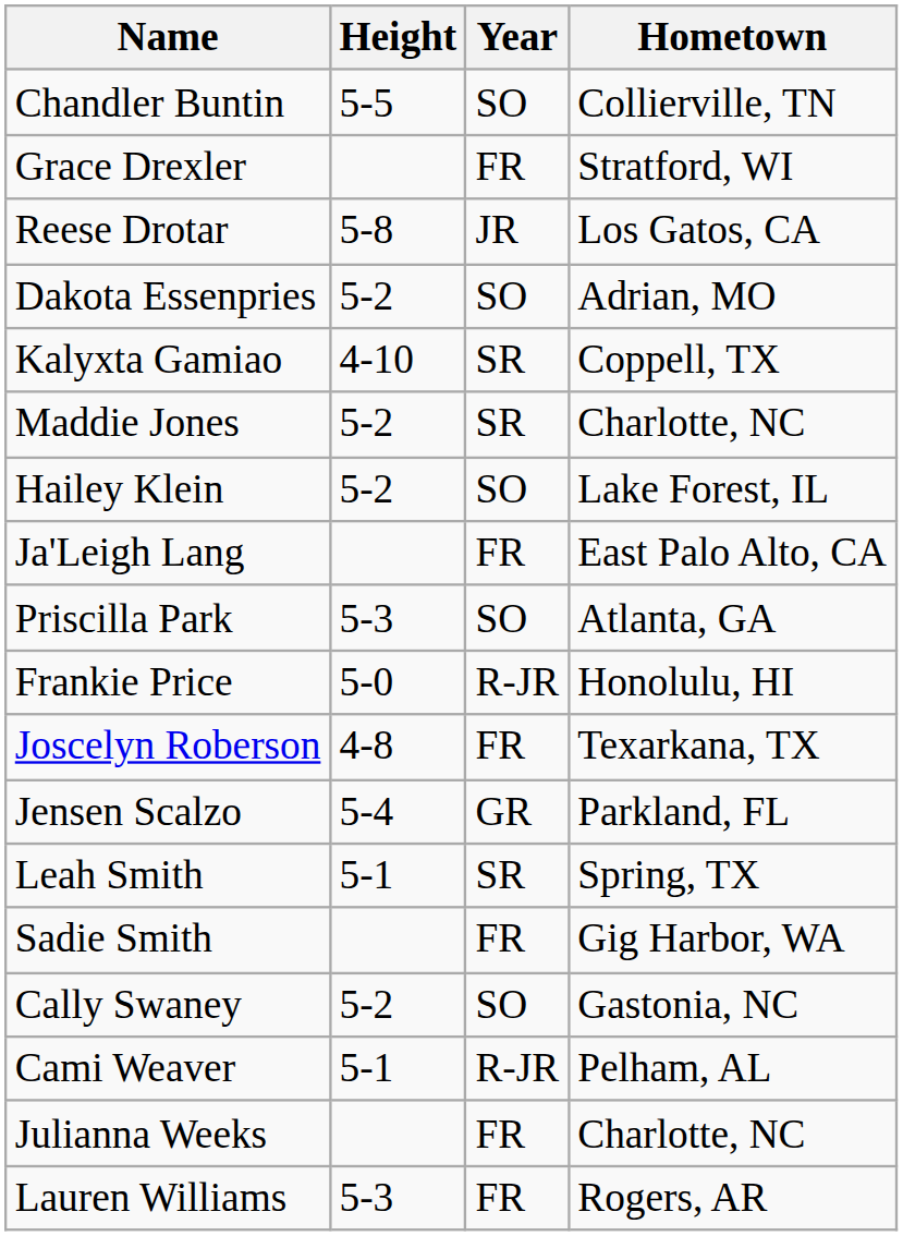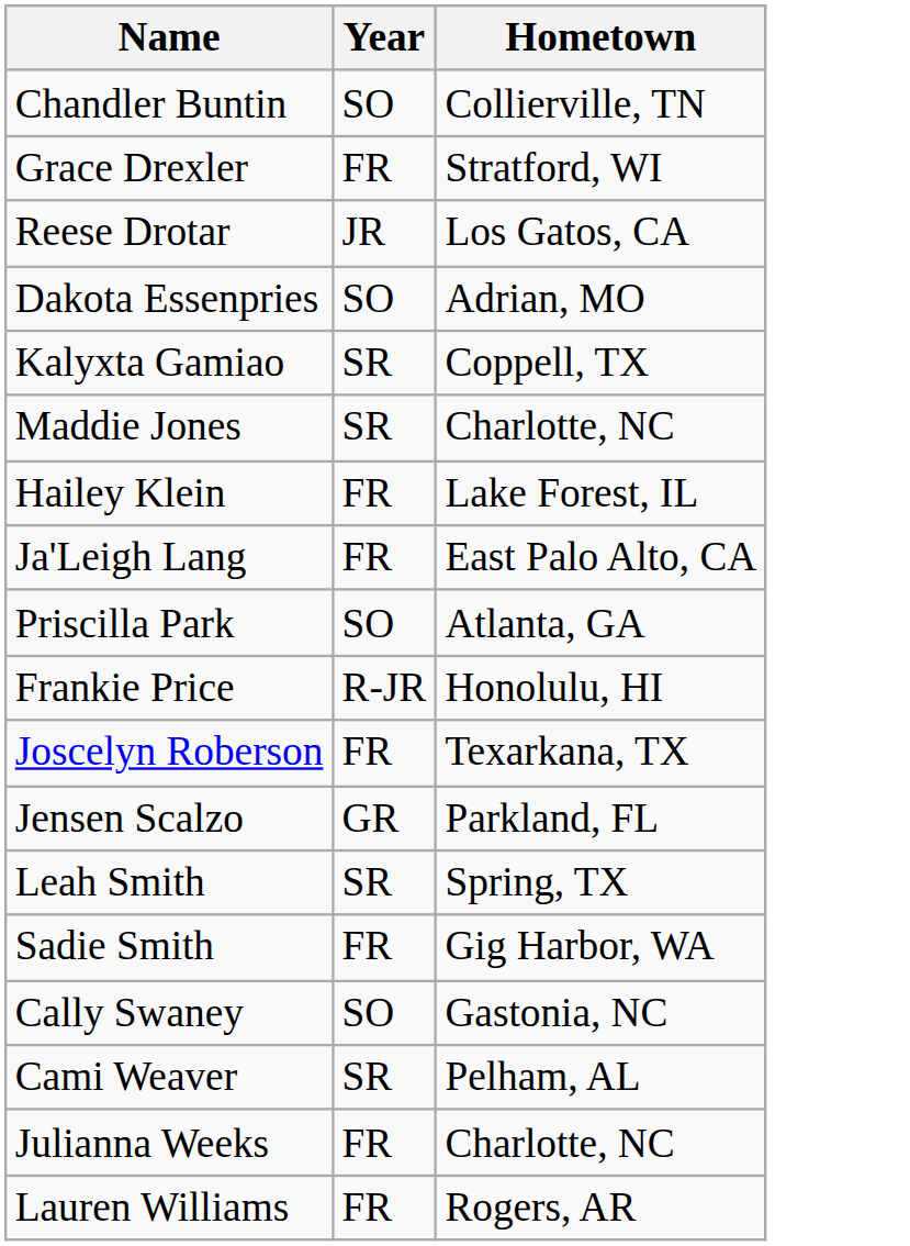 <table class="wikitable">
 <tr>
 <th>Name</th>
-<th>Height</th>
 <th>Year</th>
 <th>Hometown</th>
 </tr>
 <tr>
 <td>Chandler Buntin</td>
-<td>5-5</td>
 <td>SO</td>
 <td>Collierville, TN</td>
 </tr>
 <tr>
 <td>Grace Drexler</td>
-<td></td>
 <td>FR</td>
 <td>Stratford, WI</td>
 </tr>
 <tr>
 <td>Reese Drotar</td>
-<td>5-8</td>
 <td>JR</td>
 <td>Los Gatos, CA</td>
 </tr>
 <tr>
 <td>Dakota Essenpries</td>
-<td>5-2</td>
 <td>SO</td>
 <td>Adrian, MO</td>
 </tr>
 <tr>
 <td>Kalyxta Gamiao</td>
-<td>4-10</td>
 <td>SR</td>
 <td>Coppell, TX</td>
 </tr>
 <tr>
 <td>Maddie Jones</td>
-<td>5-2</td>
 <td>SR</td>
 <td>Charlotte, NC</td>
 </tr>
 <tr>
 <td>Hailey Klein</td>
-<td>5-2</td>
-<td>SO</td>
+<td>FR</td>
 <td>Lake Forest, IL</td>
 </tr>
 <tr>
 <td>Ja'Leigh Lang</td>
-<td></td>
 <td>FR</td>
 <td>East Palo Alto, CA</td>
 </tr>
 <tr>
 <td>Priscilla Park</td>
-<td>5-3</td>
 <td>SO</td>
 <td>Atlanta, GA</td>
 </tr>
 <tr>
 <td>Frankie Price</td>
-<td>5-0</td>
 <td>R-JR</td>
 <td>Honolulu, HI</td>
 </tr>
 <tr>
 <td><a href='#'>Joscelyn Roberson</a></td>
-<td>4-8</td>
 <td>FR</td>
 <td>Texarkana, TX</td>
 </tr>
 <tr>
 <td>Jensen Scalzo</td>
-<td>5-4</td>
 <td>GR</td>
 <td>Parkland, FL</td>
 </tr>
 <tr>
 <td>Leah Smith</td>
-<td>5-1</td>
 <td>SR</td>
 <td>Spring, TX</td>
 </tr>
 <tr>
 <td>Sadie Smith</td>
-<td></td>
 <td>FR</td>
 <td>Gig Harbor, WA</td>
 </tr>
 <tr>
 <td>Cally Swaney</td>
-<td>5-2</td>
 <td>SO</td>
 <td>Gastonia, NC</td>
 </tr>
 <tr>
 <td>Cami Weaver</td>
-<td>5-1</td>
-<td>R-JR</td>
+<td>SR</td>
 <td>Pelham, AL</td>
 </tr>
 <tr>
 <td>Julianna Weeks</td>
-<td></td>
 <td>FR</td>
 <td>Charlotte, NC</td>
 </tr>
 <tr>
 <td>Lauren Williams</td>
-<td>5-3</td>
 <td>FR</td>
 <td>Rogers, AR</td>
 </tr>
 </table>
